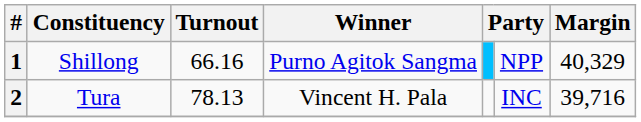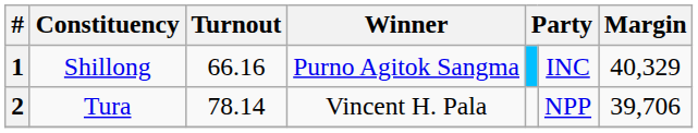 <table class="wikitable sortable" style="text-align:center">
 <tr>
 <th>#</th>
 <th>Constituency</th>
 <th>Turnout</th>
 <th>Winner</th>
 <th colspan=2>Party</th>
 <th>Margin</th>
 </tr>
 <tr>
 <th>1</th>
 <td><a href='#'>Shillong</a></td>
 <td>66.16 </td>
 <td><a href='#'>Purno Agitok Sangma</a></td>
 <td bgcolor="#00BFFF"></td>
-<td><a href='#'>NPP</a></td>
+<td><a href='#'>INC</a></td>
 <td>40,329</td>
 </tr>
 <tr>
 <th>2</th>
 <td><a href='#'>Tura</a></td>
-<td>78.13 </td>
+<td>78.14 </td>
 <td>Vincent H. Pala</td>
 <td></td>
-<td><a href='#'>INC</a></td>
-<td>39,716</td>
+<td><a href='#'>NPP</a></td>
+<td>39,706</td>
 </tr>
 <tr>
 </tr>
 </table>
